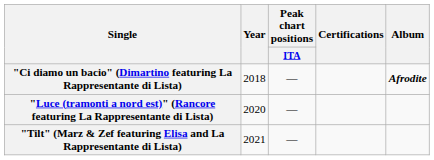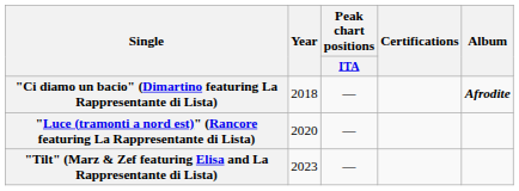 <table class="wikitable plainrowheaders" style="text-align:center;">
 <tr>
 <th scope="col" rowspan="2">Single</th>
 <th scope="col" rowspan="2">Year</th>
 <th scope="col" colspan="1">Peak chart positions</th>
 <th scope="col" rowspan="2">Certifications</th>
 <th scope="col" rowspan="2">Album</th>
 </tr>
 <tr>
 <th scope="col" style="width:3em;font-size:90%;"><a href='#'>ITA</a></th>
 </tr>
 <tr>
 <th scope="row">"Ci diamo un bacio" (<a href='#'>Dimartino</a> featuring La Rappresentante di Lista)</th>
 <td>2018</td>
 <td>—</td>
 <td></td>
 <td><strong><em>Afrodite</em></strong></td>
 </tr>
 <tr>
 <th scope="row">"<a href='#'>Luce (tramonti a nord est)</a>" (<a href='#'>Rancore</a> featuring La Rappresentante di Lista)</th>
 <td>2020</td>
 <td>—</td>
 <td></td>
 <td></td>
 </tr>
 <tr>
 <th scope="row">"Tilt" (Marz & Zef featuring <a href='#'>Elisa</a> and La Rappresentante di Lista)</th>
-<td>2021</td>
+<td>2023</td>
 <td>—</td>
 <td></td>
 <td></td>
 </tr>
 </table>
